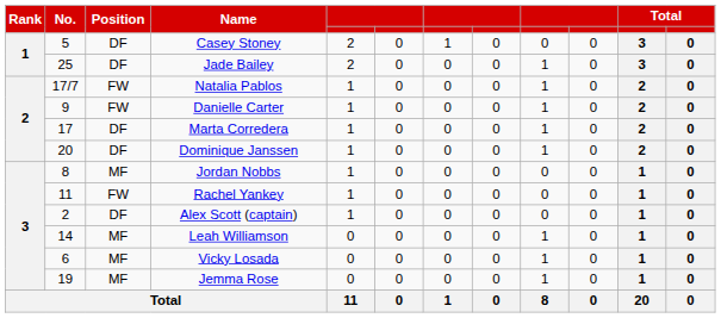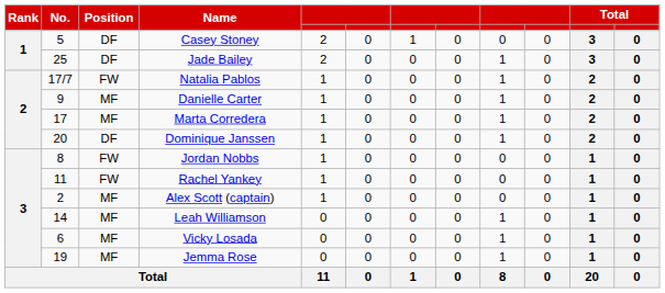 <table class="wikitable" style="text-align:center; font-size:100%; ">
 <tr>
 <th style="background:#d50000; color:white; text-align:center; width:40px" rowspan="2">Rank</th>
 <th style="background:#d50000; color:white; text-align:center; width:40px" rowspan="2">No.</th>
 <th rowspan="2" style="background:#d50000; color:white; text-align:center; width:70px">Position</th>
 <th style="background:#d50000; color:white; text-align:center; width:200px" rowspan="2">Name</th>
 <th style="background:#d50000; color:white; text-align:center;" colspan="2"><a href='#'></a></th>
 <th style="background:#d50000; color:white; text-align:center;" colspan="2"><a href='#'></a></th>
 <th style="background:#d50000; color:white; text-align:center;" colspan="2"></th>
 <th style="background:#d50000; color:white; text-align:center;" colspan="2">Total</th>
 </tr>
 <tr>
 <th style="background:#d50000; color:white; text-align:center; width:50px;"></th>
 <th style="background:#d50000; color:white; text-align:center; width:50px;"></th>
 <th style="background:#d50000; color:white; text-align:center; width:50px;"></th>
 <th style="background:#d50000; color:white; text-align:center; width:50px;"></th>
 <th style="background:#d50000; color:white; text-align:center; width:50px;"></th>
 <th style="background:#d50000; color:white; text-align:center; width:50px;"></th>
 <th style="background:#d50000; color:white; text-align:center; width:50px;"></th>
 <th style="background:#d50000; color:white; text-align:center; width:50px;"></th>
 </tr>
 <tr>
 <th rowspan="2">1</th>
 <td>5</td>
 <td>DF</td>
 <td> <a href='#'>Casey Stoney</a></td>
 <td>2</td>
 <td>0</td>
 <td>1</td>
 <td>0</td>
 <td>0</td>
 <td>0</td>
 <th>3</th>
 <th>0</th>
 </tr>
 <tr>
 <td>25</td>
 <td>DF</td>
 <td><em></em> <a href='#'>Jade Bailey</a></td>
 <td>2</td>
 <td>0</td>
 <td>0</td>
 <td>0</td>
 <td>1</td>
 <td>0</td>
 <th>3</th>
 <th>0</th>
 </tr>
 <tr>
 <th rowspan="4">2</th>
 <td>17/7</td>
 <td>FW</td>
 <td> <a href='#'>Natalia Pablos</a></td>
 <td>1</td>
 <td>0</td>
 <td>0</td>
 <td>0</td>
 <td>1</td>
 <td>0</td>
 <th>2</th>
 <th>0</th>
 </tr>
 <tr>
 <td>9</td>
-<td>FW</td>
+<td>MF</td>
 <td> <a href='#'>Danielle Carter</a></td>
 <td>1</td>
 <td>0</td>
 <td>0</td>
 <td>0</td>
 <td>1</td>
 <td>0</td>
 <th>2</th>
 <th>0</th>
 </tr>
 <tr>
 <td>17</td>
-<td>DF</td>
+<td>MF</td>
 <td> <a href='#'>Marta Corredera</a></td>
 <td>1</td>
 <td>0</td>
 <td>0</td>
 <td>0</td>
 <td>1</td>
 <td>0</td>
 <th>2</th>
 <th>0</th>
 </tr>
 <tr>
 <td>20</td>
 <td>DF</td>
 <td> <a href='#'>Dominique Janssen</a></td>
 <td>1</td>
 <td>0</td>
 <td>0</td>
 <td>0</td>
 <td>1</td>
 <td>0</td>
 <th>2</th>
 <th>0</th>
 </tr>
 <tr>
 <th rowspan="6">3</th>
 <td>8</td>
-<td>MF</td>
+<td>FW</td>
 <td> <a href='#'>Jordan Nobbs</a></td>
 <td>1</td>
 <td>0</td>
 <td>0</td>
 <td>0</td>
 <td>0</td>
 <td>0</td>
 <th>1</th>
 <th>0</th>
 </tr>
 <tr>
 <td>11</td>
 <td>FW</td>
 <td> <a href='#'>Rachel Yankey</a></td>
 <td>1</td>
 <td>0</td>
 <td>0</td>
 <td>0</td>
 <td>0</td>
 <td>0</td>
 <th>1</th>
 <th>0</th>
 </tr>
 <tr>
 <td>2</td>
-<td>DF</td>
+<td>MF</td>
 <td> <a href='#'>Alex Scott</a> (<a href='#'>captain</a>)</td>
 <td>1</td>
 <td>0</td>
 <td>0</td>
 <td>0</td>
 <td>0</td>
 <td>0</td>
 <th>1</th>
 <th>0</th>
 </tr>
 <tr>
 <td>14</td>
 <td>MF</td>
 <td> <a href='#'>Leah Williamson</a></td>
 <td>0</td>
 <td>0</td>
 <td>0</td>
 <td>0</td>
 <td>1</td>
 <td>0</td>
 <th>1</th>
 <th>0</th>
 </tr>
 <tr>
 <td>6</td>
 <td>MF</td>
 <td> <a href='#'>Vicky Losada</a></td>
 <td>0</td>
 <td>0</td>
 <td>0</td>
 <td>0</td>
 <td>1</td>
 <td>0</td>
 <th>1</th>
 <th>0</th>
 </tr>
 <tr>
 <td>19</td>
 <td>MF</td>
 <td> <a href='#'>Jemma Rose</a></td>
 <td>0</td>
 <td>0</td>
 <td>0</td>
 <td>0</td>
 <td>1</td>
 <td>0</td>
 <th>1</th>
 <th>0</th>
 </tr>
 <tr>
 <th colspan="4">Total</th>
 <th>11</th>
 <th>0</th>
 <th>1</th>
 <th>0</th>
 <th>8</th>
 <th>0</th>
 <th>20</th>
 <th>0</th>
 </tr>
 </table>
